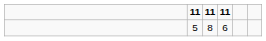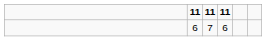 <table class="wikitable">
 <tr>
 <td style="width:18em"><strong> </strong></td>
 <td align=center style="width:1em"><strong>11</strong></td>
 <td align=center style="width:1em"><strong>11</strong></td>
 <td align=center style="width:1em"><strong>11</strong></td>
 <td align=center style="width:1em"></td>
 <td align=center style="width:1em"></td>
 </tr>
 <tr>
 <td style="width:18em"></td>
-<td align=center style="width:1em">5</td>
-<td align=center style="width:1em">8</td>
+<td align=center style="width:1em">6</td>
+<td align=center style="width:1em">7</td>
 <td align=center style="width:1em">6</td>
 <td align=center style="width:1em"></td>
 <td align=center style="width:1em"></td>
 </tr>
 </table>
